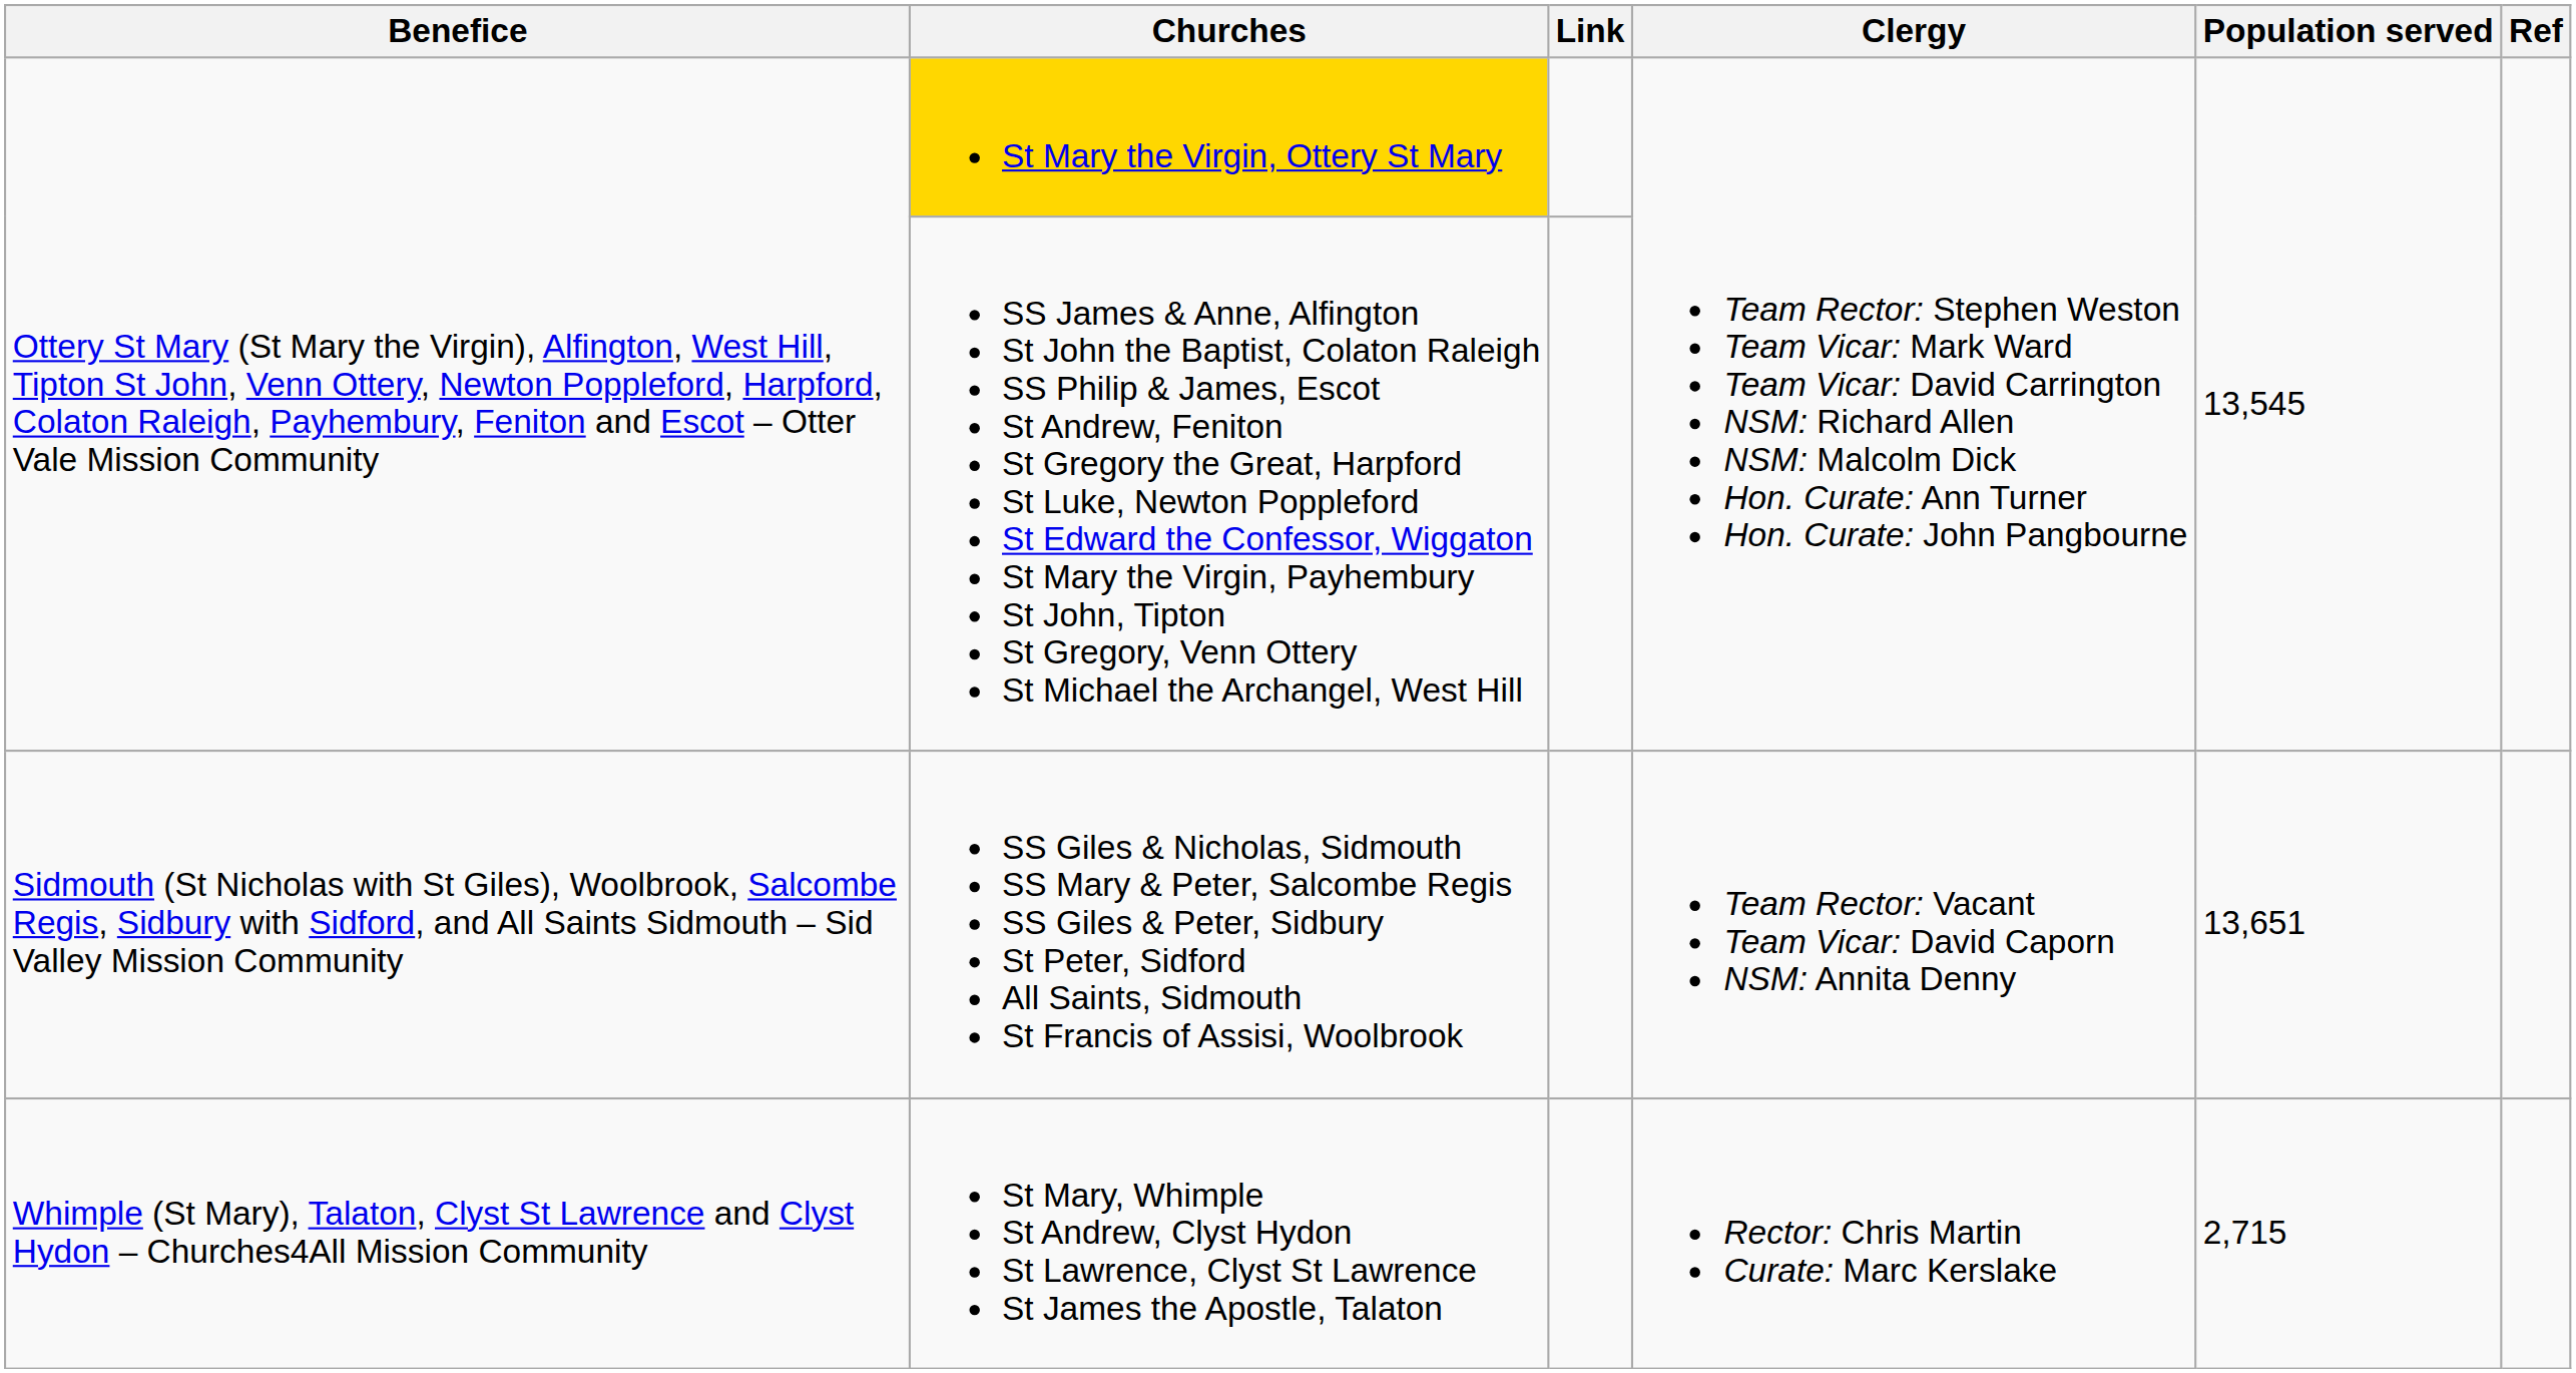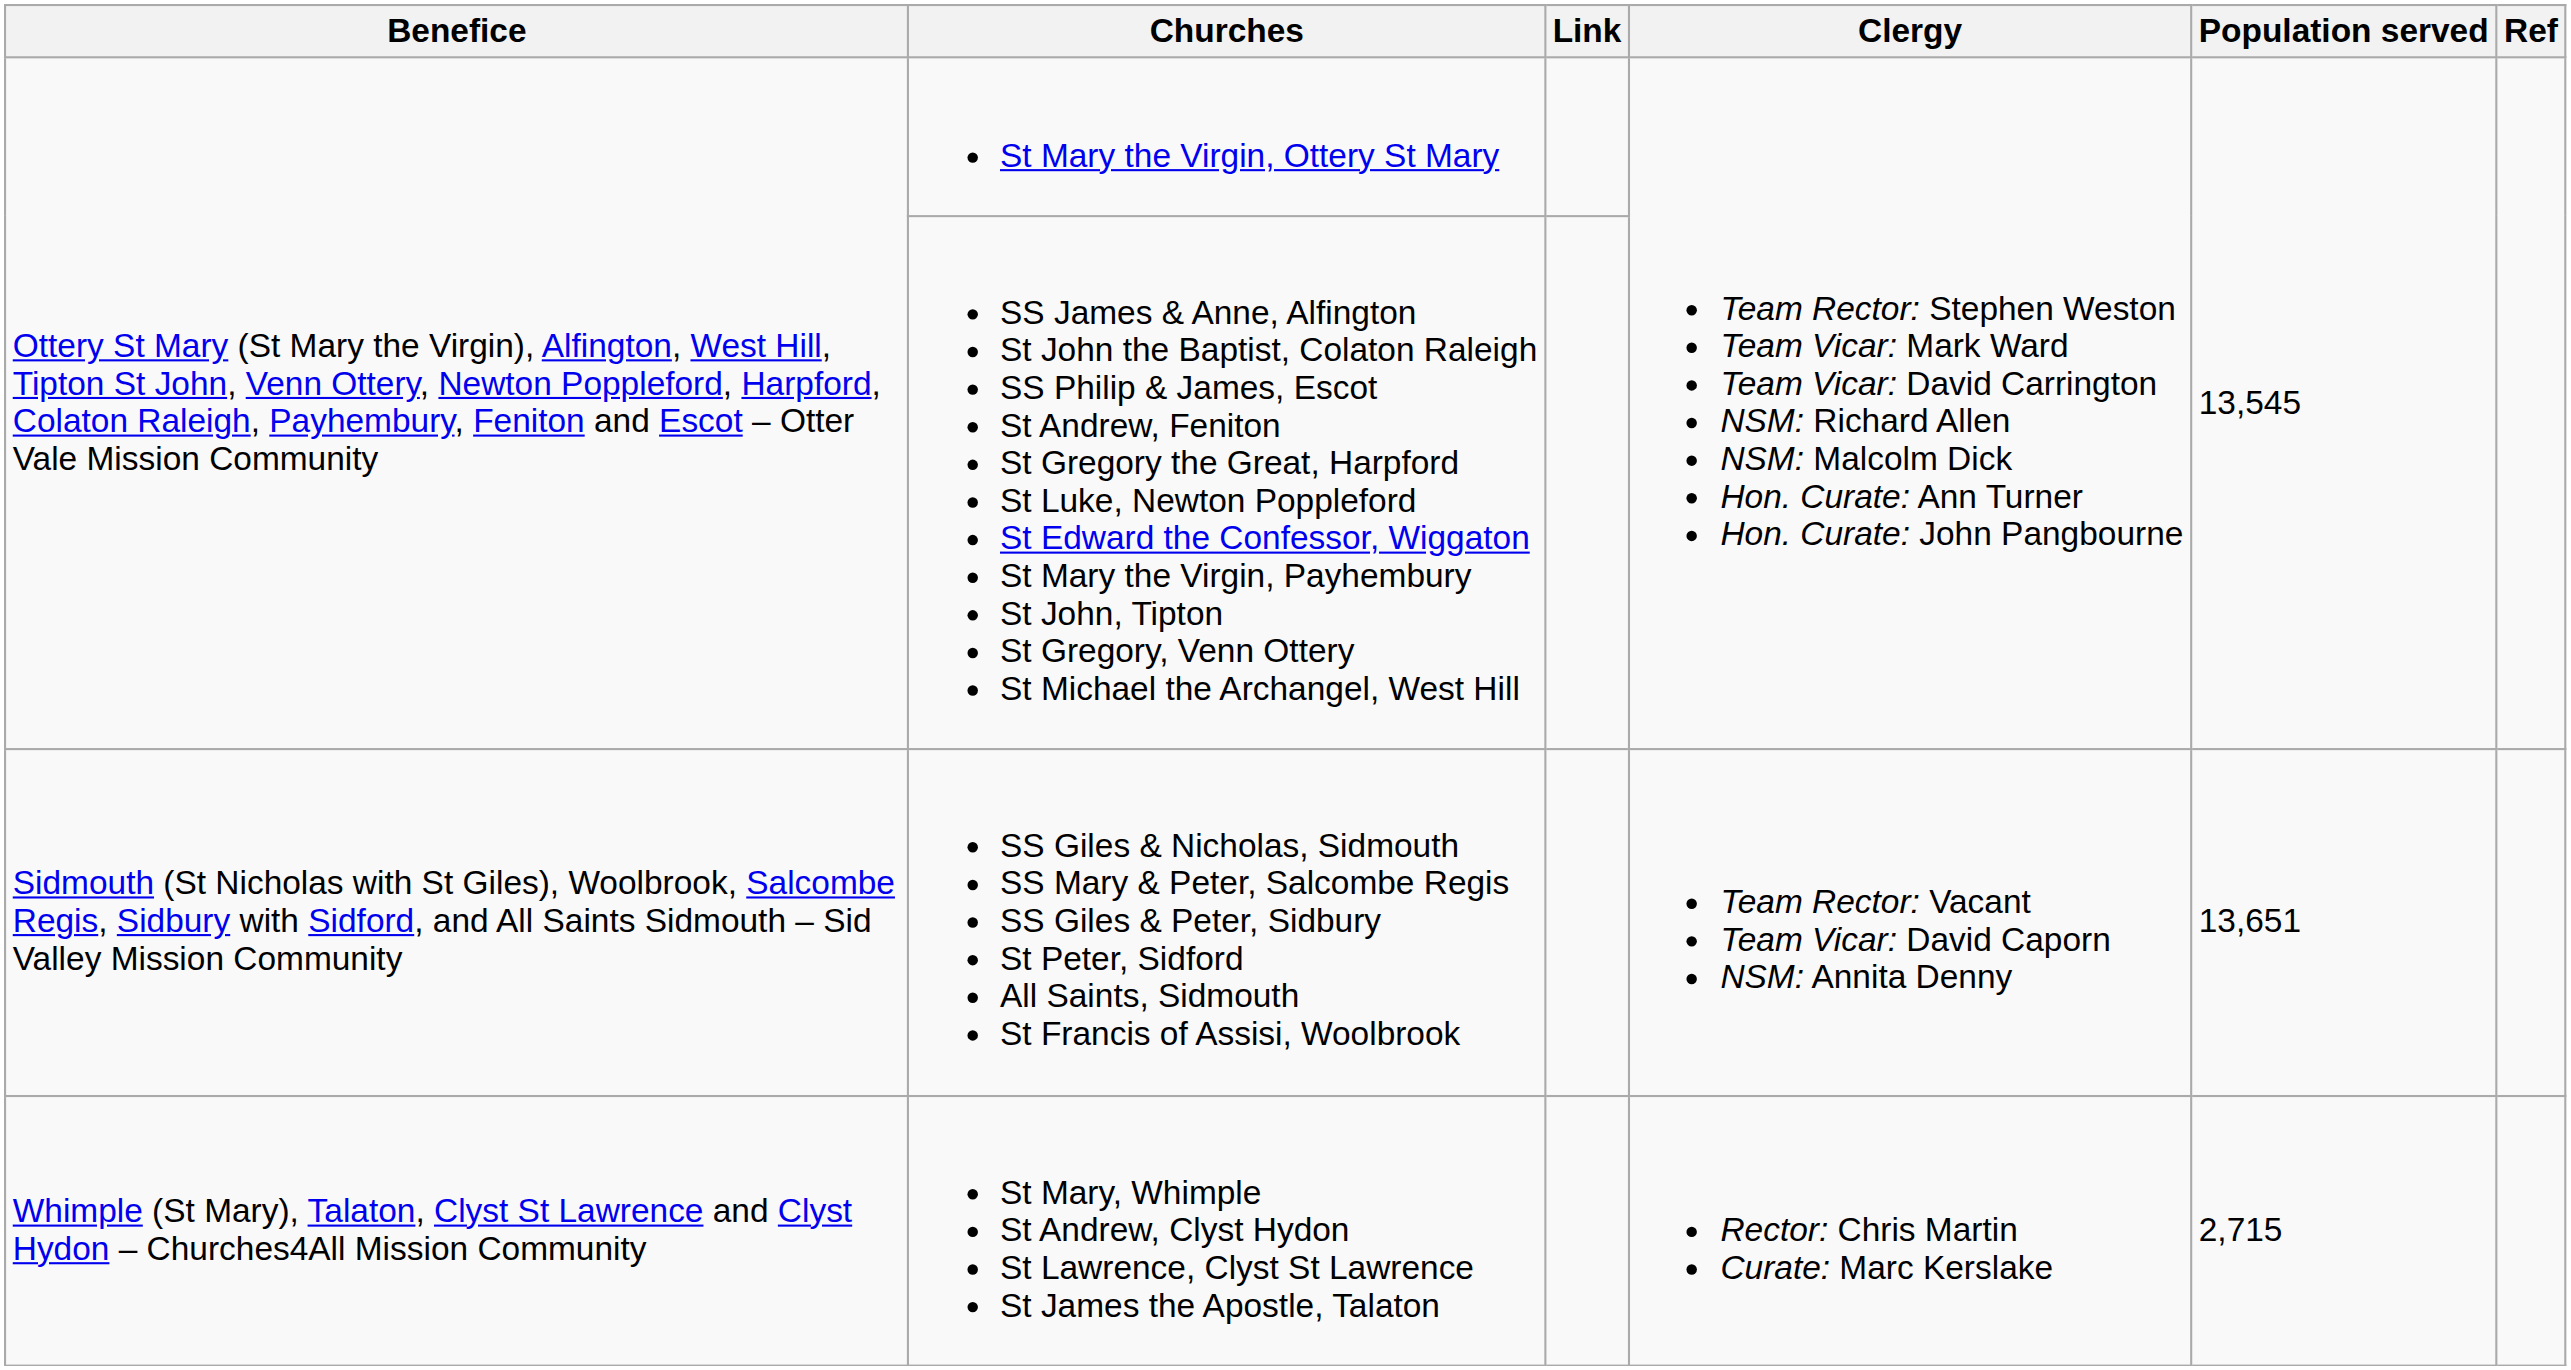 <table class="wikitable">
 <tr>
 <th width="425">Benefice</th>
 <th>Churches</th>
 <th>Link</th>
 <th>Clergy</th>
 <th>Population served</th>
 <th>Ref</th>
 </tr>
 <tr>
 <td rowspan="2"><a href='#'>Ottery St Mary</a> (St Mary the Virgin), <a href='#'>Alfington</a>, <a href='#'>West Hill</a>, <a href='#'>Tipton St John</a>, <a href='#'>Venn Ottery</a>, <a href='#'>Newton Poppleford</a>, <a href='#'>Harpford</a>, <a href='#'>Colaton Raleigh</a>, <a href='#'>Payhembury</a>, <a href='#'>Feniton</a> and <a href='#'>Escot</a> – Otter Vale Mission Community</td>
-<td style="background: gold;"><br><ul><li><a href='#'>St Mary the Virgin, Ottery St Mary</a></li></ul></td>
+<td><br><ul><li><a href='#'>St Mary the Virgin, Ottery St Mary</a></li></ul></td>
 <td></td>
 <td rowspan="2"><br><ul><li><em>Team Rector:</em> Stephen Weston</li><li><em>Team Vicar:</em> Mark Ward</li><li><em>Team Vicar:</em> David Carrington</li><li><em>NSM:</em> Richard Allen</li><li><em>NSM:</em> Malcolm Dick</li><li><em>Hon. Curate:</em> Ann Turner</li><li><em>Hon. Curate:</em> John Pangbourne</li></ul></td>
 <td rowspan="2">13,545</td>
 <td rowspan="2"></td>
 </tr>
 <tr>
 <td><br><ul><li>SS James & Anne, Alfington</li><li>St John the Baptist, Colaton Raleigh</li><li>SS Philip & James, Escot</li><li>St Andrew, Feniton</li><li>St Gregory the Great, Harpford</li><li>St Luke, Newton Poppleford</li><li><a href='#'>St Edward the Confessor, Wiggaton</a></li><li>St Mary the Virgin, Payhembury</li><li>St John, Tipton</li><li>St Gregory, Venn Ottery</li><li>St Michael the Archangel, West Hill</li></ul></td>
 <td></td>
 </tr>
 <tr>
 <td><a href='#'>Sidmouth</a> (St Nicholas with St Giles), Woolbrook, <a href='#'>Salcombe Regis</a>, <a href='#'>Sidbury</a> with <a href='#'>Sidford</a>, and All Saints Sidmouth – Sid Valley Mission Community</td>
 <td><br><ul><li>SS Giles & Nicholas, Sidmouth</li><li>SS Mary & Peter, Salcombe Regis</li><li>SS Giles & Peter, Sidbury</li><li>St Peter, Sidford</li><li>All Saints, Sidmouth</li><li>St Francis of Assisi, Woolbrook</li></ul></td>
 <td></td>
 <td><br><ul><li><em>Team Rector:</em> Vacant</li><li><em>Team Vicar:</em> David Caporn</li><li><em>NSM:</em> Annita Denny</li></ul></td>
 <td>13,651</td>
 <td></td>
 </tr>
 <tr>
 <td><a href='#'>Whimple</a> (St Mary), <a href='#'>Talaton</a>, <a href='#'>Clyst St Lawrence</a> and <a href='#'>Clyst Hydon</a> – Churches4All Mission Community</td>
 <td><br><ul><li>St Mary, Whimple</li><li>St Andrew, Clyst Hydon</li><li>St Lawrence, Clyst St Lawrence</li><li>St James the Apostle, Talaton</li></ul></td>
 <td></td>
 <td><br><ul><li><em>Rector:</em> Chris Martin</li><li><em>Curate:</em> Marc Kerslake</li></ul></td>
 <td>2,715</td>
 <td></td>
 </tr>
 </table>
